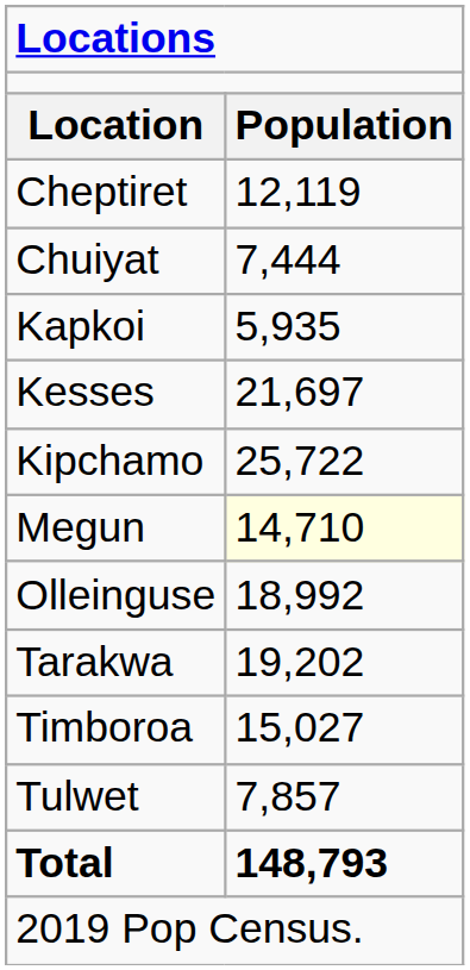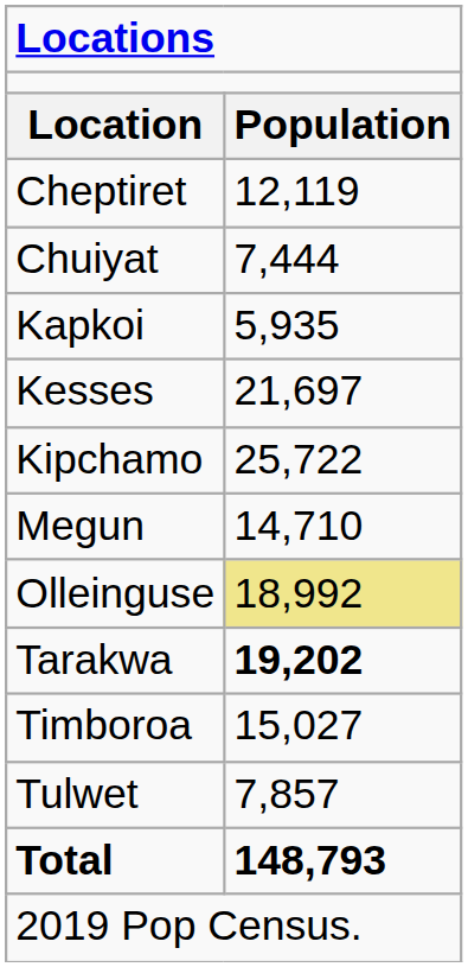 <table class="wikitable">
 <tr>
 <td colspan="2"><strong><a href='#'>Locations</a></strong></td>
 </tr>
 <tr>
 <td colspan="2"></td>
 </tr>
 <tr>
 <th>Location</th>
 <th>Population</th>
 </tr>
 <tr>
 <td>Cheptiret</td>
 <td>12,119</td>
 </tr>
 <tr>
 <td>Chuiyat</td>
 <td>7,444</td>
 </tr>
 <tr>
 <td>Kapkoi</td>
 <td>5,935</td>
 </tr>
 <tr>
 <td>Kesses</td>
 <td>21,697</td>
 </tr>
 <tr>
 <td>Kipchamo</td>
 <td>25,722</td>
 </tr>
 <tr>
 <td>Megun</td>
-<td style="background: lightyellow;">14,710</td>
+<td>14,710</td>
 </tr>
 <tr>
 <td>Olleinguse</td>
-<td>18,992</td>
+<td style="background: khaki;">18,992</td>
 </tr>
 <tr>
 <td>Tarakwa</td>
-<td>19,202</td>
+<td><strong>19,202</strong></td>
 </tr>
 <tr>
 <td>Timboroa</td>
 <td>15,027</td>
 </tr>
 <tr>
 <td>Tulwet</td>
 <td>7,857</td>
 </tr>
 <tr>
 <td><strong>Total</strong></td>
 <td><strong>148,793</strong></td>
 </tr>
 <tr>
 <td colspan="2">2019  Pop Census.</td>
 </tr>
 </table>
